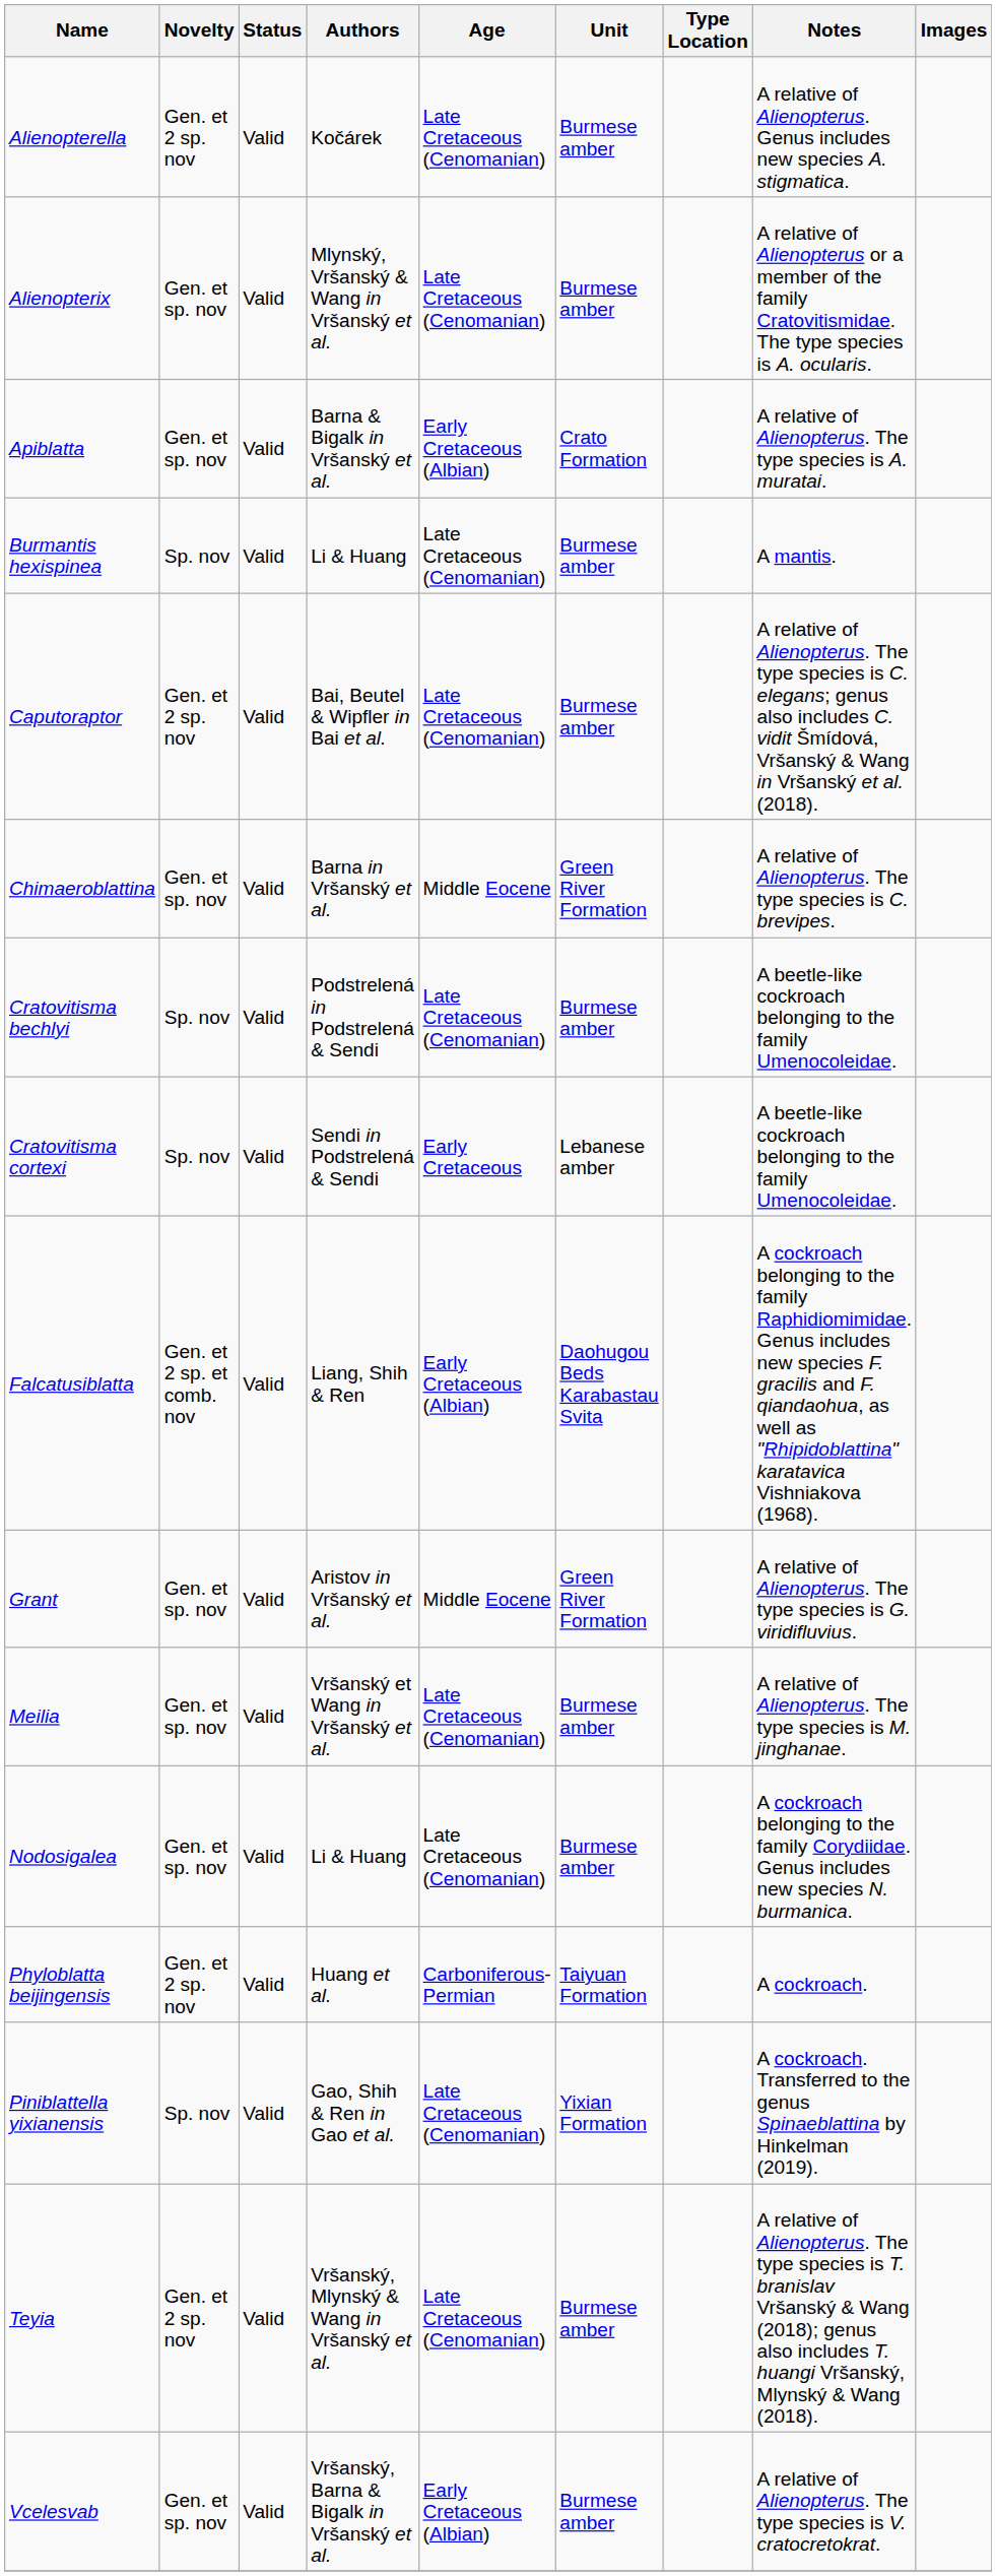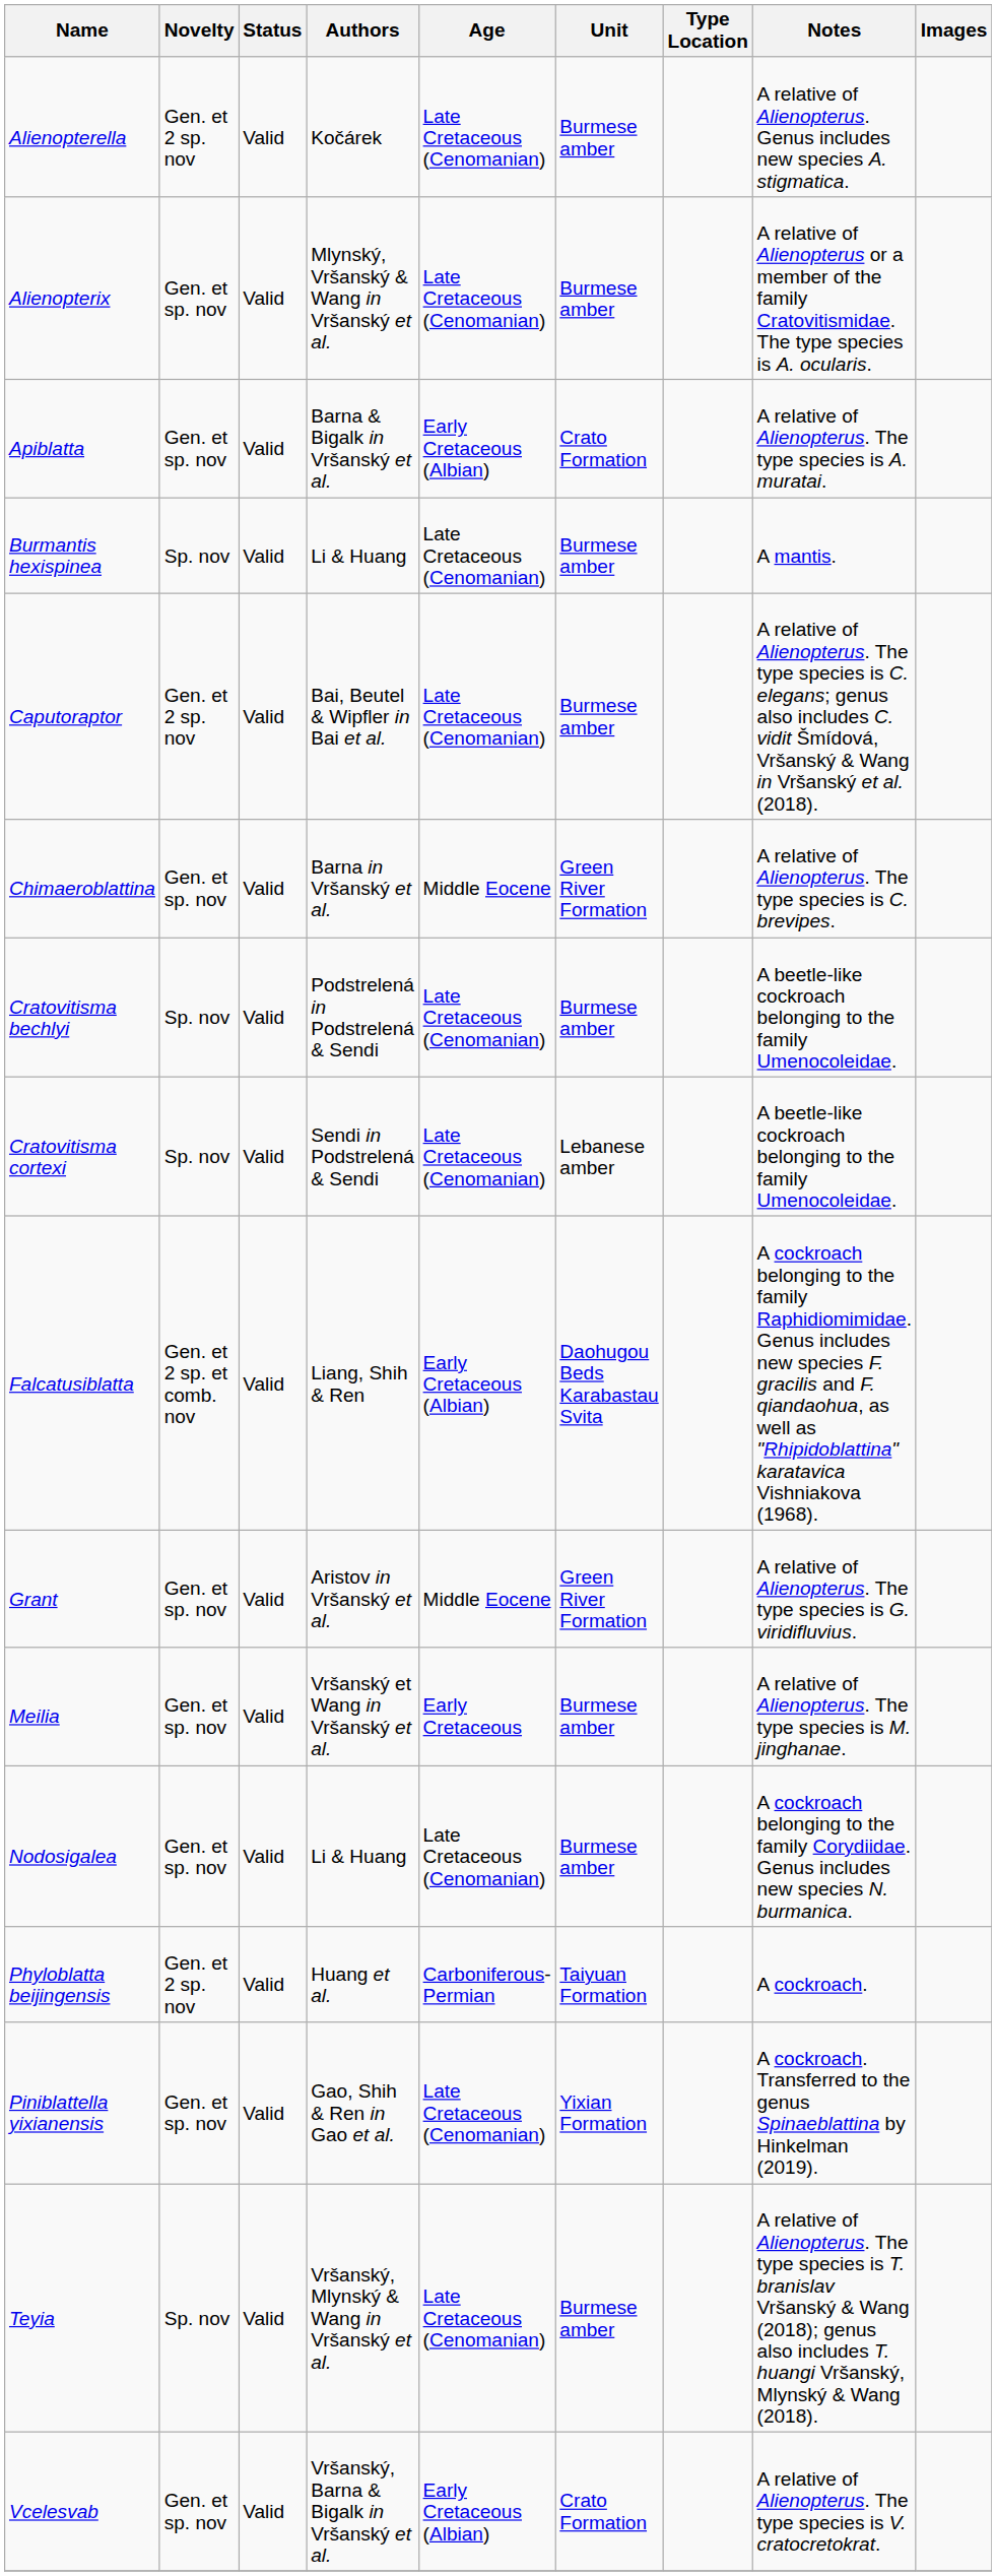 <table class="wikitable sortable" align="center" width="100%">
 <tr>
 <th>Name</th>
 <th>Novelty</th>
 <th>Status</th>
 <th>Authors</th>
 <th>Age</th>
 <th>Unit</th>
 <th>Type Location</th>
 <th>Notes</th>
 <th>Images</th>
 </tr>
 <tr>
 <td><br><em><a href='#'>Alienopterella</a></em></td>
 <td><br>Gen. et 2 sp. nov</td>
 <td><br>Valid</td>
 <td><br>Kočárek</td>
 <td><br><a href='#'>Late Cretaceous</a> (<a href='#'>Cenomanian</a>)</td>
 <td><br><a href='#'>Burmese amber</a></td>
 <td><br></td>
 <td><br>A relative of <em><a href='#'>Alienopterus</a></em>. Genus includes new species <em>A. stigmatica</em>.</td>
 <td></td>
 </tr>
 <tr>
 <td><br><em><a href='#'>Alienopterix</a></em></td>
 <td><br>Gen. et sp. nov</td>
 <td><br>Valid</td>
 <td><br>Mlynský, Vršanský & Wang <em>in</em> Vršanský <em>et al.</em></td>
 <td><br><a href='#'>Late Cretaceous</a> (<a href='#'>Cenomanian</a>)</td>
 <td><br><a href='#'>Burmese amber</a></td>
 <td><br></td>
 <td><br>A relative of <em><a href='#'>Alienopterus</a></em> or a member of the family <a href='#'>Cratovitismidae</a>. The type species is <em>A. ocularis</em>.</td>
 <td></td>
 </tr>
 <tr>
 <td><br><em><a href='#'>Apiblatta</a></em></td>
 <td><br>Gen. et sp. nov</td>
 <td><br>Valid</td>
 <td><br>Barna & Bigalk <em>in</em> Vršanský <em>et al.</em></td>
 <td><br><a href='#'>Early Cretaceous</a> (<a href='#'>Albian</a>)</td>
 <td><br><a href='#'>Crato Formation</a></td>
 <td><br></td>
 <td><br>A relative of <em><a href='#'>Alienopterus</a></em>. The type species is <em>A. muratai</em>.</td>
 <td></td>
 </tr>
 <tr>
 <td><br><em><a href='#'>Burmantis hexispinea</a></em></td>
 <td><br>Sp. nov</td>
 <td><br>Valid</td>
 <td><br>Li & Huang</td>
 <td><br>Late Cretaceous (<a href='#'>Cenomanian</a>)</td>
 <td><br><a href='#'>Burmese amber</a></td>
 <td><br></td>
 <td><br>A <a href='#'>mantis</a>.</td>
 <td></td>
 </tr>
 <tr>
 <td><br><em><a href='#'>Caputoraptor</a></em></td>
 <td><br>Gen. et 2 sp. nov</td>
 <td><br>Valid</td>
 <td><br>Bai, Beutel & Wipfler <em>in</em> Bai <em>et al.</em></td>
 <td><br><a href='#'>Late Cretaceous</a> (<a href='#'>Cenomanian</a>)</td>
 <td><br><a href='#'>Burmese amber</a></td>
 <td><br></td>
 <td><br>A relative of <em><a href='#'>Alienopterus</a></em>. The type species is <em>C. elegans</em>; genus also includes <em>C. vidit</em> Šmídová, Vršanský & Wang <em>in</em> Vršanský <em>et al.</em> (2018).</td>
 <td></td>
 </tr>
 <tr>
 <td><br><em><a href='#'>Chimaeroblattina</a></em></td>
 <td><br>Gen. et sp. nov</td>
 <td><br>Valid</td>
 <td><br>Barna <em>in</em> Vršanský <em>et al.</em></td>
 <td><br>Middle <a href='#'>Eocene</a></td>
 <td><br><a href='#'>Green River Formation</a></td>
 <td><br></td>
 <td><br>A relative of <em><a href='#'>Alienopterus</a></em>. The type species is <em>C. brevipes</em>.</td>
 <td></td>
 </tr>
 <tr>
 <td><br><em><a href='#'>Cratovitisma bechlyi</a></em></td>
 <td><br>Sp. nov</td>
 <td><br>Valid</td>
 <td><br>Podstrelená <em>in</em> Podstrelená & Sendi</td>
 <td><br><a href='#'>Late Cretaceous</a> (<a href='#'>Cenomanian</a>)</td>
 <td><br><a href='#'>Burmese amber</a></td>
 <td><br></td>
 <td><br>A beetle-like cockroach belonging to the family <a href='#'>Umenocoleidae</a>.</td>
 <td></td>
 </tr>
 <tr>
 <td><br><em><a href='#'>Cratovitisma cortexi</a></em></td>
 <td><br>Sp. nov</td>
 <td><br>Valid</td>
 <td><br>Sendi <em>in</em> Podstrelená & Sendi</td>
-<td><br><a href='#'>Early Cretaceous</a></td>
+<td><br><a href='#'>Late Cretaceous</a> (<a href='#'>Cenomanian</a>)</td>
 <td><br>Lebanese amber</td>
 <td><br></td>
 <td><br>A beetle-like cockroach belonging to the family <a href='#'>Umenocoleidae</a>.</td>
 <td></td>
 </tr>
 <tr>
 <td><br><em><a href='#'>Falcatusiblatta</a></em></td>
 <td><br>Gen. et 2 sp. et comb. nov</td>
 <td><br>Valid</td>
 <td><br>Liang, Shih & Ren</td>
 <td><br><a href='#'>Early Cretaceous</a> (<a href='#'>Albian</a>)</td>
 <td><br><a href='#'>Daohugou Beds</a><br> <a href='#'>Karabastau Svita</a></td>
 <td><br><br> </td>
 <td><br>A <a href='#'>cockroach</a> belonging to the family <a href='#'>Raphidiomimidae</a>. Genus includes new species <em>F. gracilis</em> and <em>F. qiandaohua</em>, as well as <em>"<a href='#'>Rhipidoblattina</a>" karatavica</em> Vishniakova (1968).</td>
 <td></td>
 </tr>
 <tr>
 <td><br><em><a href='#'>Grant</a></em></td>
 <td><br>Gen. et sp. nov</td>
 <td><br>Valid</td>
 <td><br>Aristov <em>in</em> Vršanský <em>et al.</em></td>
 <td><br>Middle <a href='#'>Eocene</a></td>
 <td><br><a href='#'>Green River Formation</a></td>
 <td><br></td>
 <td><br>A relative of <em><a href='#'>Alienopterus</a></em>. The type species is <em>G. viridifluvius</em>.</td>
 <td></td>
 </tr>
 <tr>
 <td><br><em><a href='#'>Meilia</a></em></td>
 <td><br>Gen. et sp. nov</td>
 <td><br>Valid</td>
 <td><br>Vršanský et Wang <em>in</em> Vršanský <em>et al.</em></td>
-<td><br><a href='#'>Late Cretaceous</a> (<a href='#'>Cenomanian</a>)</td>
+<td><br><a href='#'>Early Cretaceous</a></td>
 <td><br><a href='#'>Burmese amber</a></td>
 <td><br></td>
 <td><br>A relative of <em><a href='#'>Alienopterus</a></em>. The type species is <em>M. jinghanae</em>.</td>
 <td></td>
 </tr>
 <tr>
 <td><br><em><a href='#'>Nodosigalea</a></em></td>
 <td><br>Gen. et sp. nov</td>
 <td><br>Valid</td>
 <td><br>Li & Huang</td>
 <td><br>Late Cretaceous (<a href='#'>Cenomanian</a>)</td>
 <td><br><a href='#'>Burmese amber</a></td>
 <td><br></td>
 <td><br>A <a href='#'>cockroach</a> belonging to the family <a href='#'>Corydiidae</a>. Genus includes new species <em>N. burmanica</em>.</td>
 <td></td>
 </tr>
 <tr>
 <td><br><em><a href='#'>Phyloblatta beijingensis</a></em></td>
 <td><br>Gen. et 2 sp. nov</td>
 <td><br>Valid</td>
 <td><br>Huang <em>et al.</em></td>
 <td><br><a href='#'>Carboniferous</a>-<a href='#'>Permian</a></td>
 <td><br><a href='#'>Taiyuan Formation</a></td>
 <td><br></td>
 <td><br>A <a href='#'>cockroach</a>.</td>
 <td></td>
 </tr>
 <tr>
 <td><br><em><a href='#'>Piniblattella yixianensis</a></em></td>
-<td><br>Sp. nov</td>
+<td><br>Gen. et sp. nov</td>
 <td><br>Valid</td>
 <td><br>Gao, Shih & Ren <em>in</em> Gao <em>et al.</em></td>
 <td><br><a href='#'>Late Cretaceous</a> (<a href='#'>Cenomanian</a>)</td>
 <td><br><a href='#'>Yixian Formation</a></td>
 <td><br></td>
 <td><br>A <a href='#'>cockroach</a>. Transferred to the genus <em><a href='#'>Spinaeblattina</a></em> by Hinkelman (2019).</td>
 <td></td>
 </tr>
 <tr>
 <td><br><em><a href='#'>Teyia</a></em></td>
-<td><br>Gen. et 2 sp. nov</td>
+<td><br>Sp. nov</td>
 <td><br>Valid</td>
 <td><br>Vršanský, Mlynský & Wang <em>in</em> Vršanský <em>et al.</em></td>
 <td><br><a href='#'>Late Cretaceous</a> (<a href='#'>Cenomanian</a>)</td>
 <td><br><a href='#'>Burmese amber</a></td>
 <td><br></td>
 <td><br>A relative of <em><a href='#'>Alienopterus</a></em>. The type species is <em>T. branislav</em> Vršanský & Wang (2018); genus also includes <em>T. huangi</em> Vršanský, Mlynský & Wang (2018).</td>
 <td></td>
 </tr>
 <tr>
 <td><br><em><a href='#'>Vcelesvab</a></em></td>
 <td><br>Gen. et sp. nov</td>
 <td><br>Valid</td>
 <td><br>Vršanský, Barna & Bigalk <em>in</em> Vršanský <em>et al.</em></td>
 <td><br><a href='#'>Early Cretaceous</a> (<a href='#'>Albian</a>)</td>
-<td><br><a href='#'>Burmese amber</a></td>
+<td><br><a href='#'>Crato Formation</a></td>
 <td><br></td>
 <td><br>A relative of <em><a href='#'>Alienopterus</a></em>. The type species is <em>V. cratocretokrat</em>.</td>
 <td></td>
 </tr>
 <tr>
 </tr>
 </table>
